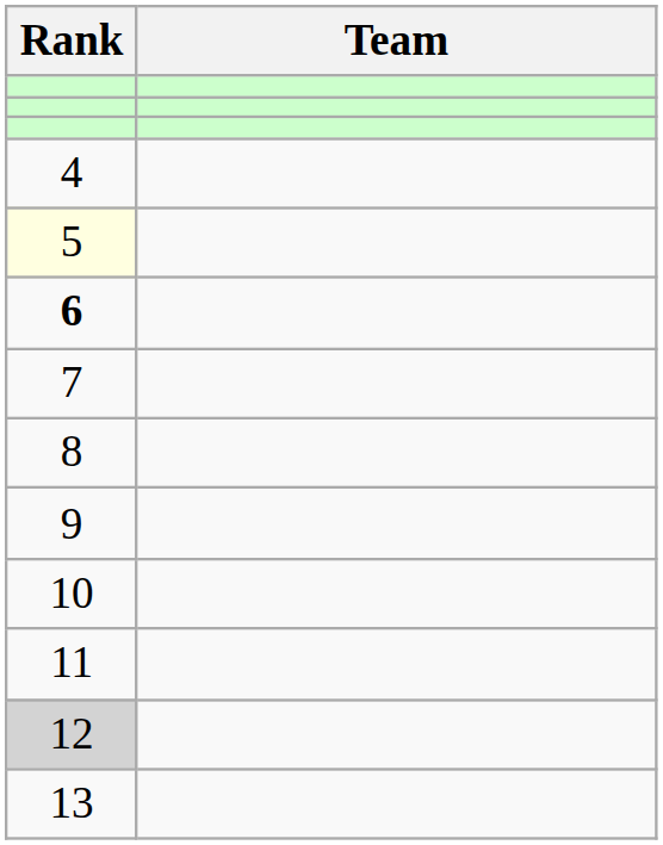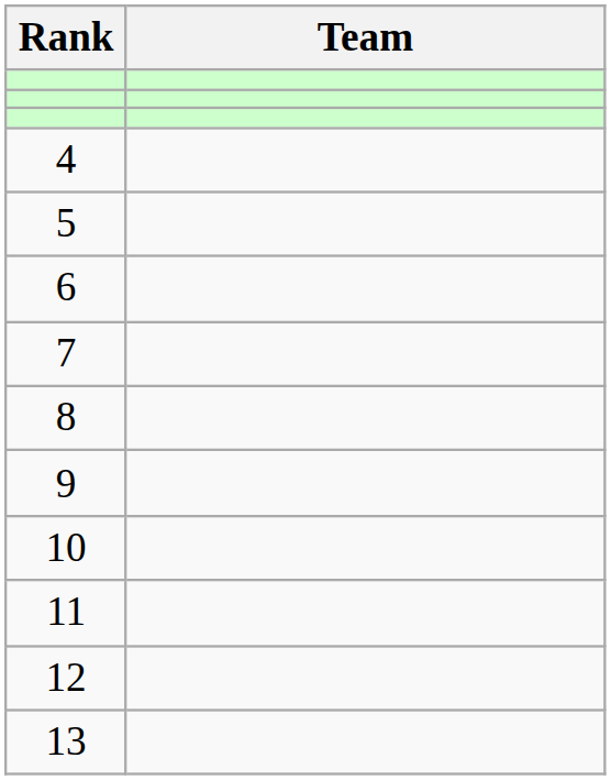 <table class="wikitable" style="text-align: center;">
 <tr>
 <th width=40>Rank</th>
 <th width=180>Team</th>
 </tr>
 <tr bgcolor=#CCFFCC>
 <td></td>
 <td style="text-align:left;"></td>
 </tr>
 <tr bgcolor=#CCFFCC>
 <td></td>
 <td style="text-align:left;"></td>
 </tr>
 <tr bgcolor=#CCFFCC>
 <td></td>
 <td style="text-align:left;"></td>
 </tr>
 <tr>
 <td>4</td>
 <td style="text-align:left;"></td>
 </tr>
 <tr>
-<td style="background: lightyellow;">5</td>
+<td>5</td>
 <td style="text-align:left;"></td>
 </tr>
 <tr>
-<td><strong>6</strong></td>
+<td>6</td>
 <td style="text-align:left;"></td>
 </tr>
 <tr>
 <td>7</td>
 <td style="text-align:left;"></td>
 </tr>
 <tr>
 <td>8</td>
 <td style="text-align:left;"></td>
 </tr>
 <tr>
 <td>9</td>
 <td style="text-align:left;"></td>
 </tr>
 <tr>
 <td>10</td>
 <td style="text-align:left;"></td>
 </tr>
 <tr>
 <td>11</td>
 <td style="text-align:left;"></td>
 </tr>
 <tr>
-<td style="background: lightgrey;">12</td>
+<td>12</td>
 <td style="text-align:left;"></td>
 </tr>
 <tr>
 <td>13</td>
 <td style="text-align:left;"></td>
 </tr>
 </table>
